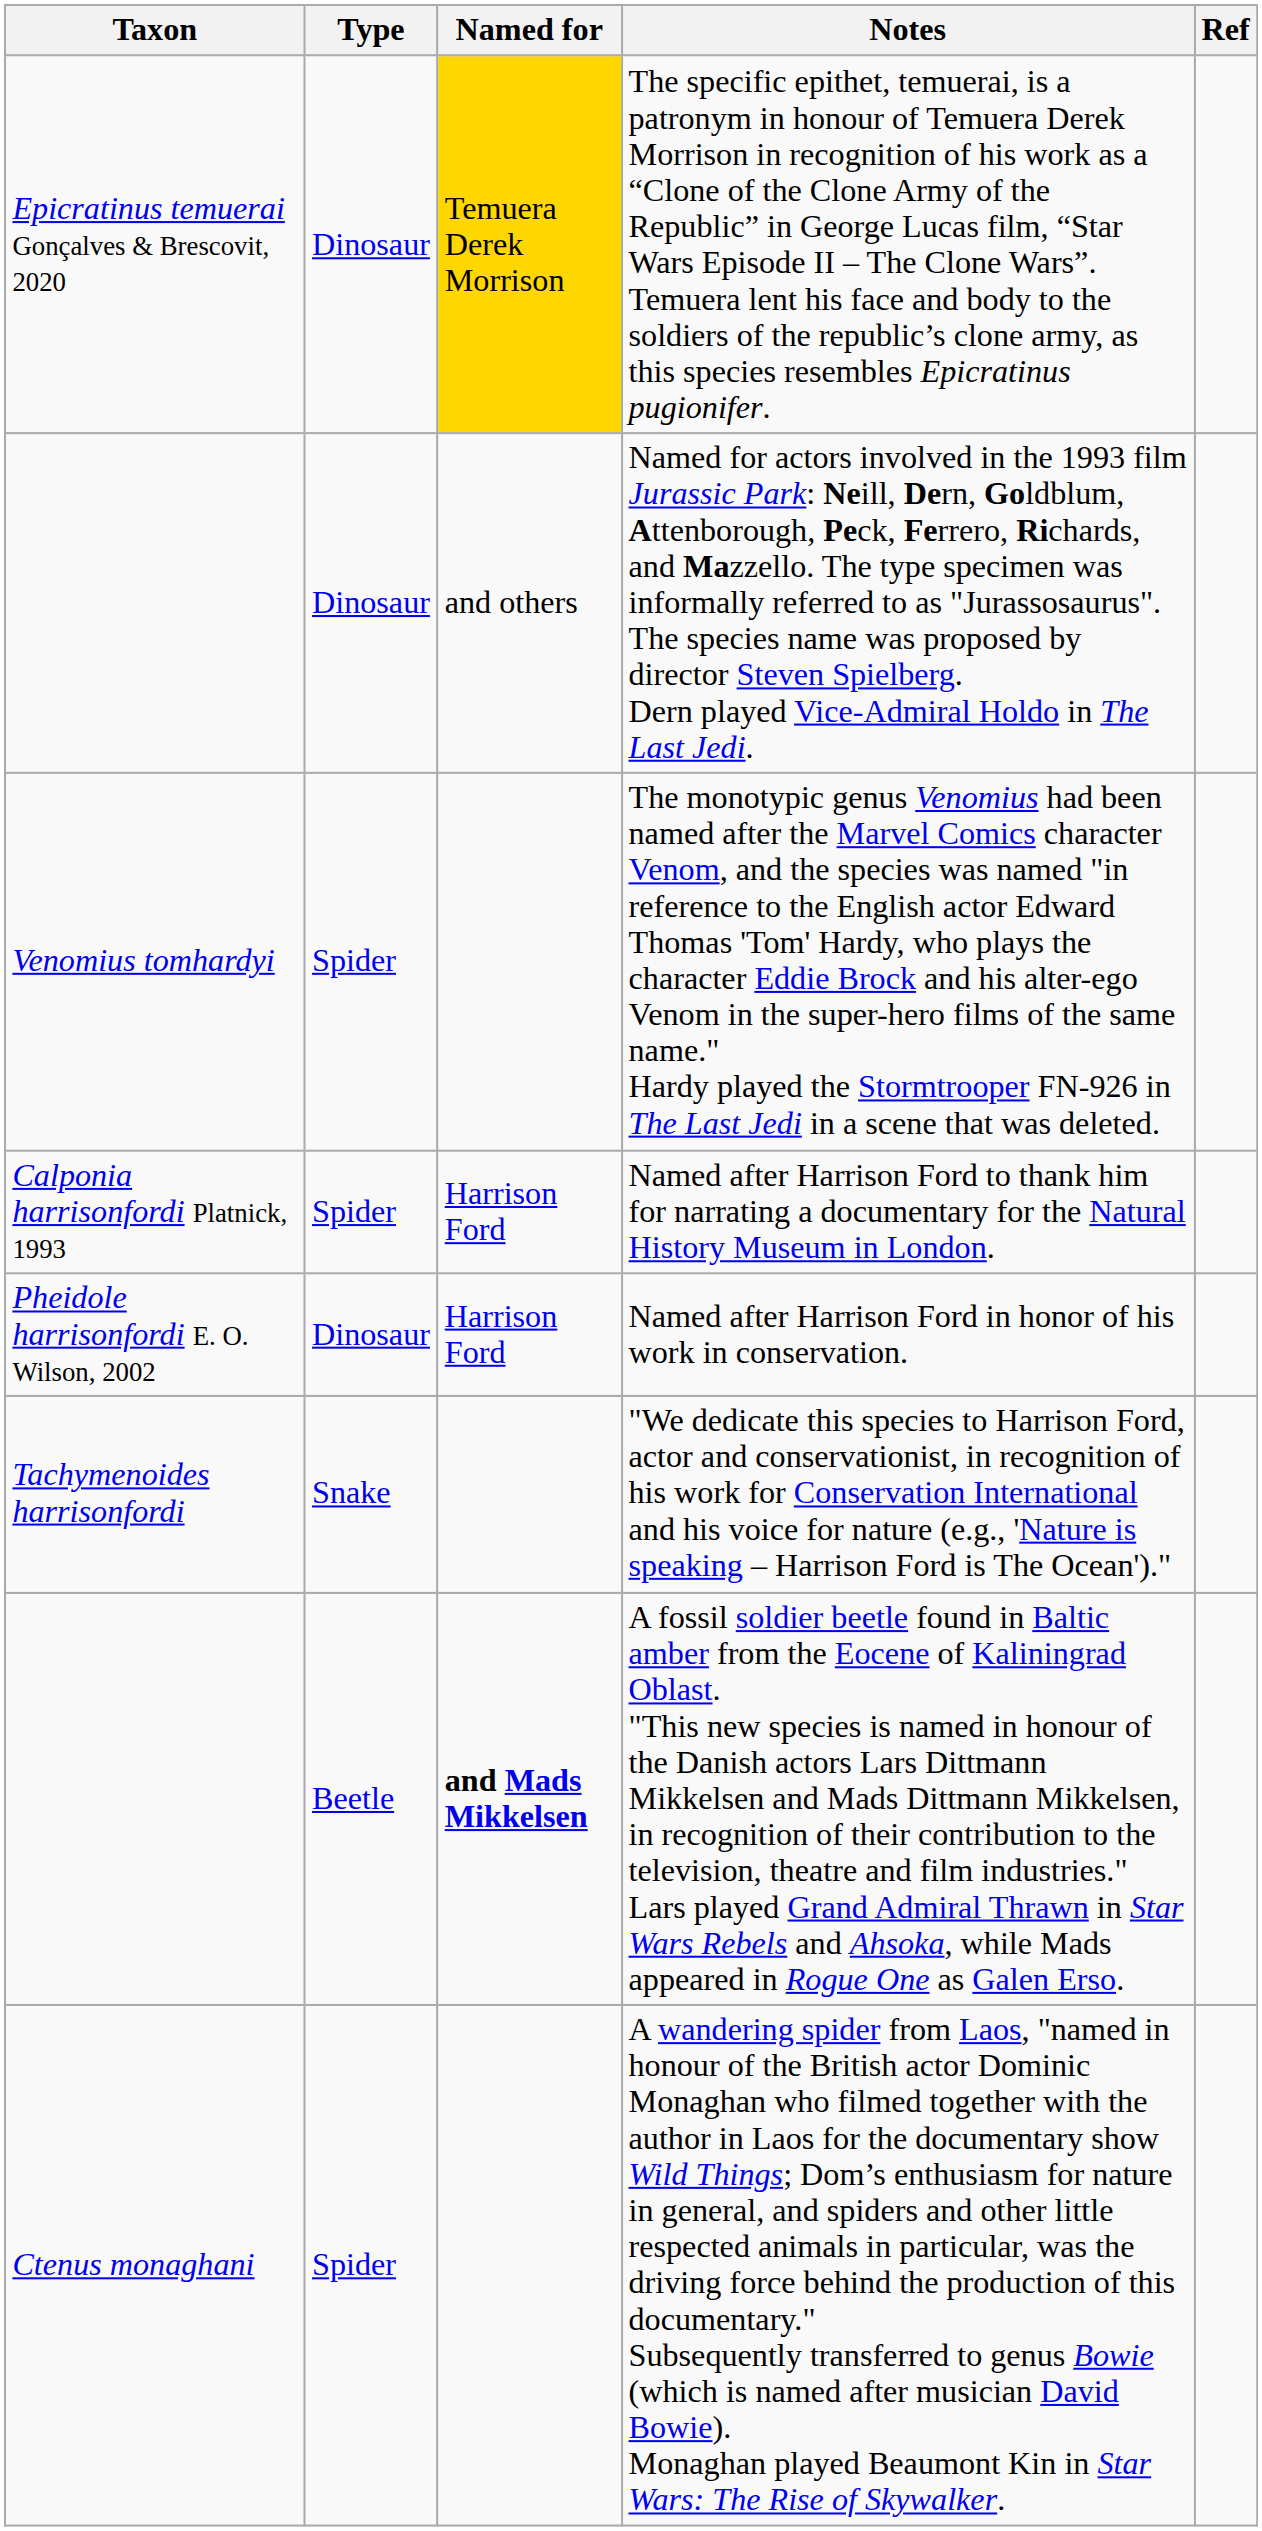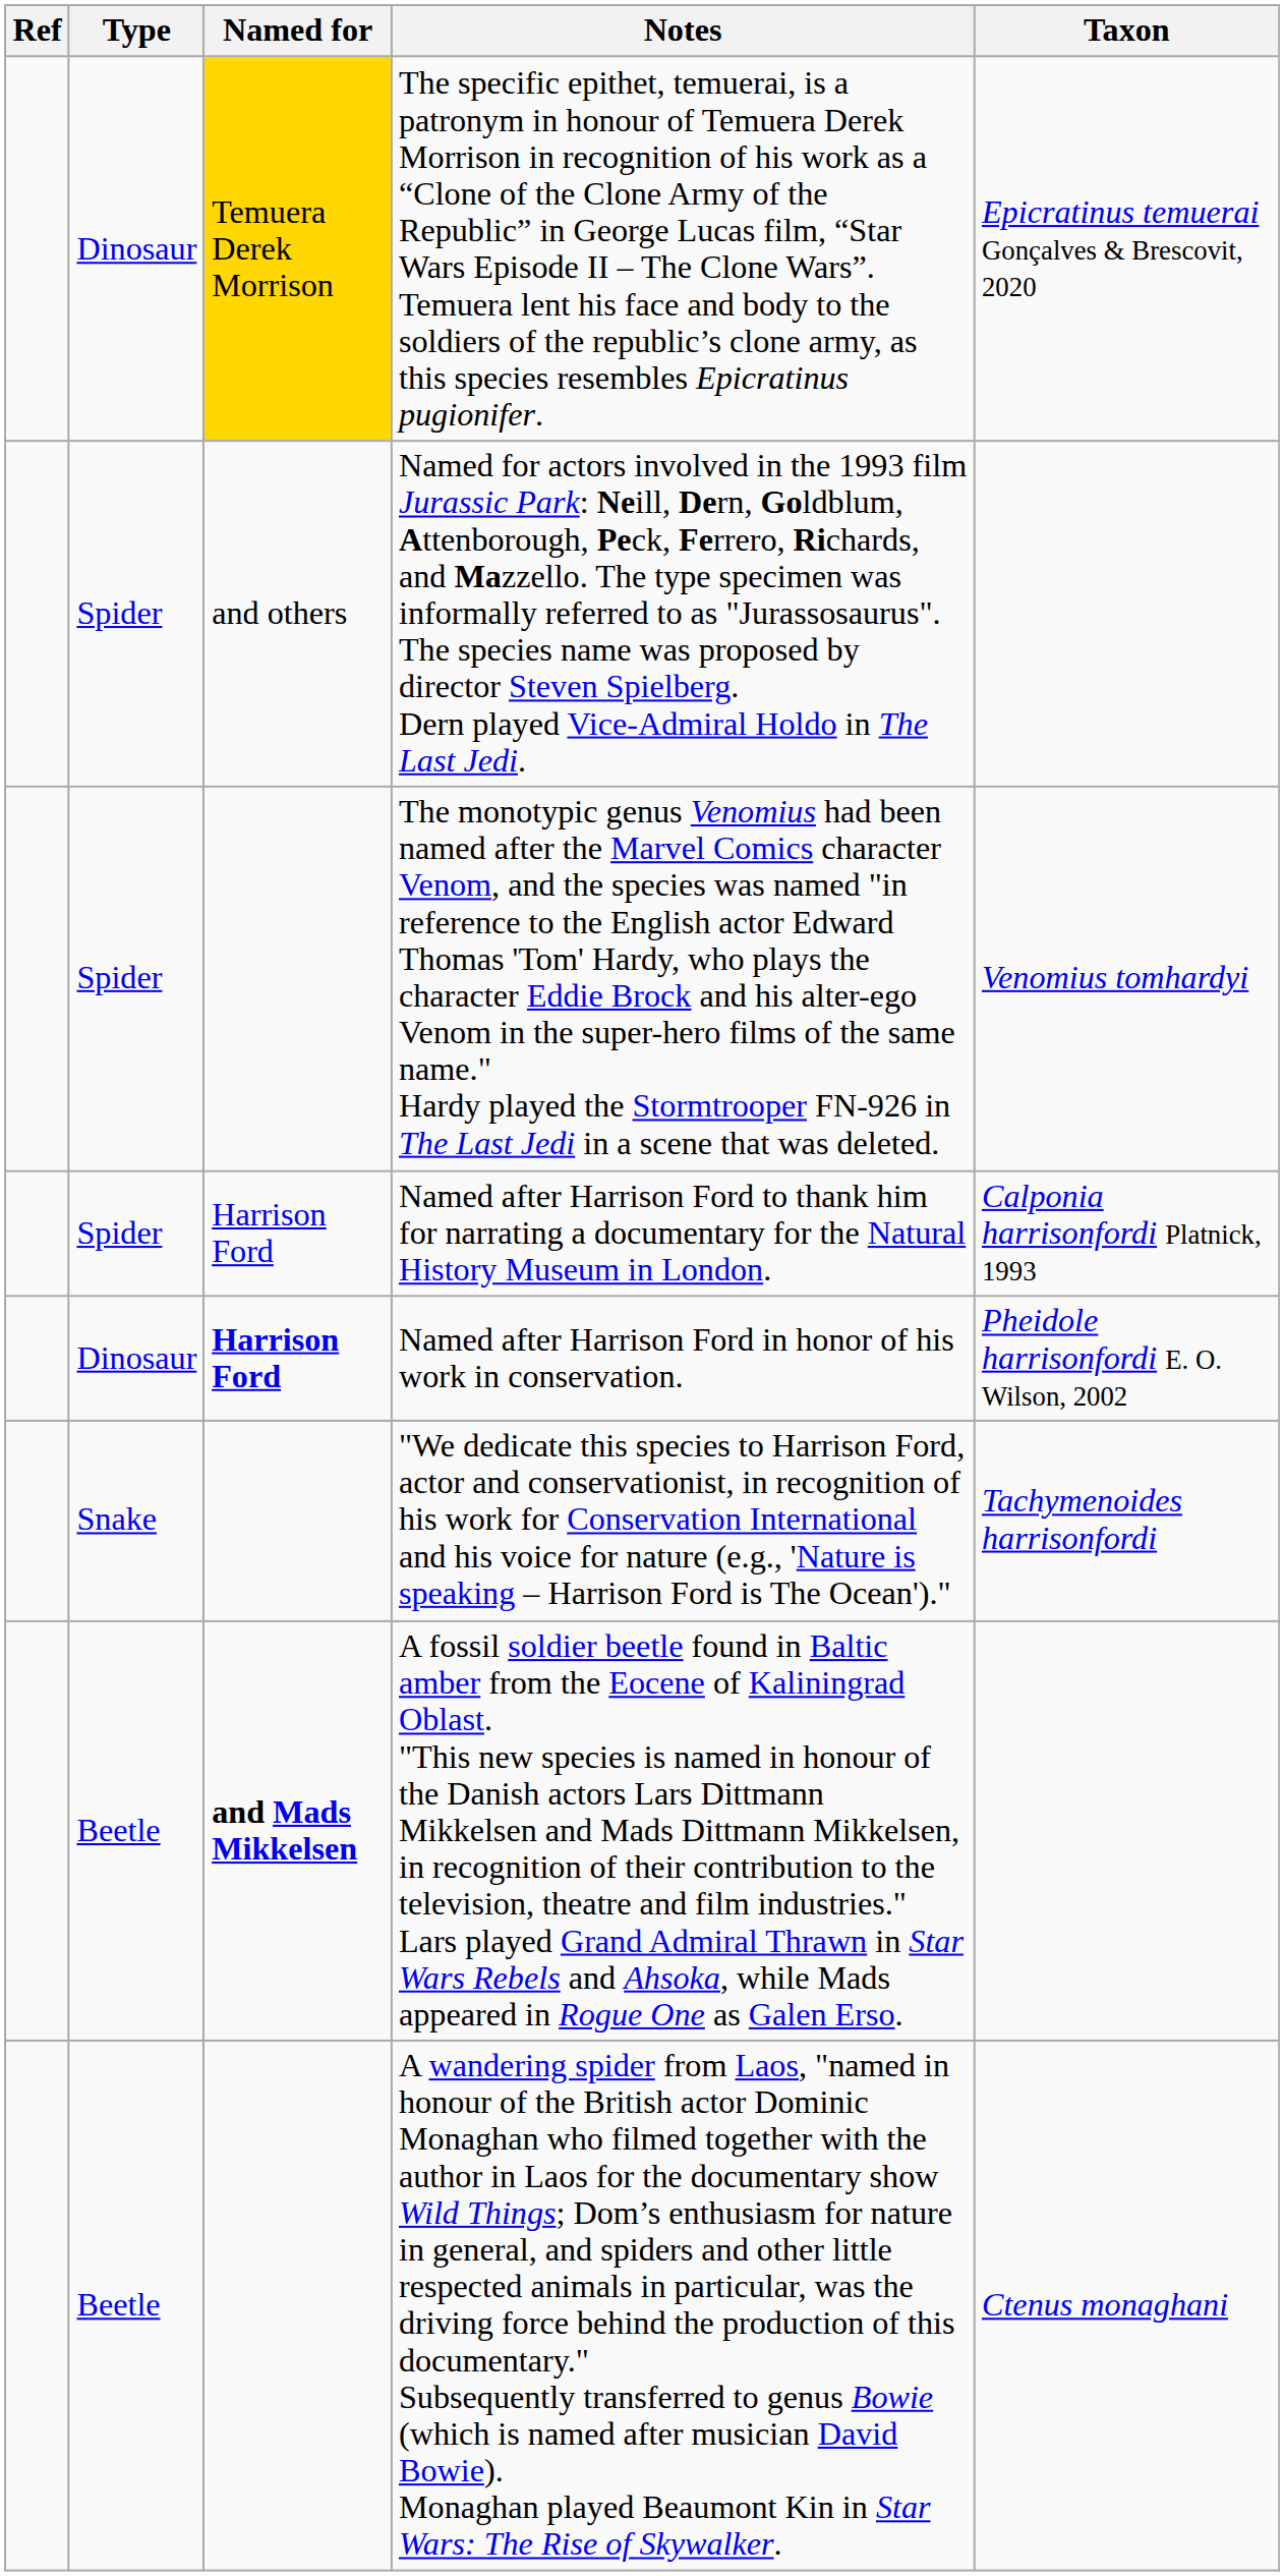 <table class="wikitable sortable" width="100%">
 <tr>
-<th style="width:25%;">Taxon</th>
+<th class="unsortable">Ref</th>
 <th style="width:10%;">Type</th>
 <th style="width:15%;">Named for</th>
 <th style="width:50%;">Notes</th>
-<th class="unsortable">Ref</th>
+<th style="width:25%;">Taxon</th>
 </tr>
 <tr>
-<td><em><a href='#'>Epicratinus temuerai</a></em> <small>Gonçalves & Brescovit, 2020</small></td>
+<td style="text-align: center;"></td>
 <td><a href='#'>Dinosaur</a></td>
 <td style="background: gold;">Temuera Derek Morrison</td>
 <td>The specific epithet, temuerai, is a patronym in honour of Temuera Derek Morrison in recognition of his work as a “Clone of the Clone Army of the Republic” in George Lucas film, “Star Wars Episode II – The Clone Wars”. Temuera lent his face and body to the soldiers of the republic’s clone army, as this species resembles <em>Epicratinus pugionifer</em>.</td>
-<td style="text-align: center;"></td>
+<td><em><a href='#'>Epicratinus temuerai</a></em> <small>Gonçalves & Brescovit, 2020</small></td>
 </tr>
 <tr>
-<td> </td>
-<td><a href='#'>Dinosaur</a></td>
+<td style="text-align: center;"></td>
+<td><a href='#'>Spider</a></td>
 <td> and others</td>
 <td>Named for actors involved in the 1993 film <em><a href='#'>Jurassic Park</a></em>: <strong>Ne</strong>ill, <strong>De</strong>rn, <strong>Go</strong>ldblum, <strong>A</strong>ttenborough, <strong>Pe</strong>ck, <strong>Fe</strong>rrero, <strong>Ri</strong>chards, and <strong>Ma</strong>zzello. The type specimen was informally referred to as "Jurassosaurus".  The species name was proposed by director <a href='#'>Steven Spielberg</a>.<br>Dern played <a href='#'>Vice-Admiral Holdo</a> in <em><a href='#'>The Last Jedi</a></em>.</td>
-<td style="text-align: center;"></td>
+<td> </td>
 </tr>
 <tr>
-<td><em><a href='#'>Venomius tomhardyi</a></em> </td>
+<td style="text-align: center;"></td>
 <td><a href='#'>Spider</a></td>
 <td></td>
 <td>The monotypic genus <em><a href='#'>Venomius</a></em> had been named after the <a href='#'>Marvel Comics</a> character <a href='#'>Venom</a>, and the species was named "in reference to the English actor Edward Thomas 'Tom' Hardy, who plays the character <a href='#'>Eddie Brock</a> and his alter-ego Venom in the super-hero films of the same name."<br>Hardy played the <a href='#'>Stormtrooper</a> FN-926 in <em><a href='#'>The Last Jedi</a></em> in a scene that was deleted.</td>
-<td style="text-align: center;"></td>
+<td><em><a href='#'>Venomius tomhardyi</a></em> </td>
 </tr>
 <tr>
-<td><em><a href='#'>Calponia harrisonfordi</a></em> <small>Platnick, 1993</small></td>
+<td style="text-align: center;"></td>
 <td><a href='#'>Spider</a></td>
 <td><a href='#'>Harrison Ford</a></td>
 <td>Named after Harrison Ford to thank him for narrating a documentary for the <a href='#'>Natural History Museum in London</a>.</td>
-<td style="text-align: center;"></td>
+<td><em><a href='#'>Calponia harrisonfordi</a></em> <small>Platnick, 1993</small></td>
 </tr>
 <tr>
+<td style="text-align: center;"></td>
+<td><a href='#'>Dinosaur</a></td>
+<td><strong><a href='#'>Harrison Ford</a></strong></td>
+<td>Named after Harrison Ford in honor of his work in conservation.</td>
 <td><em><a href='#'>Pheidole harrisonfordi</a></em> <small>E. O. Wilson, 2002</small></td>
-<td><a href='#'>Dinosaur</a></td>
-<td><a href='#'>Harrison Ford</a></td>
-<td>Named after Harrison Ford in honor of his work in conservation.</td>
-<td style="text-align: center;"></td>
 </tr>
 <tr>
-<td><em><a href='#'>Tachymenoides harrisonfordi</a></em> </td>
+<td style="text-align: center;"></td>
 <td><a href='#'>Snake</a></td>
 <td></td>
 <td>"We dedicate this species to Harrison Ford, actor and conservationist, in recognition of his work for <a href='#'>Conservation International</a> and his voice for nature (e.g., '<a href='#'>Nature is speaking</a> – Harrison Ford is The Ocean')."</td>
-<td style="text-align: center;"></td>
+<td><em><a href='#'>Tachymenoides harrisonfordi</a></em> </td>
 </tr>
 <tr>
-<td> </td>
+<td style="text-align: center;"></td>
 <td><a href='#'>Beetle</a></td>
 <td><strong> and <a href='#'>Mads Mikkelsen</a></strong></td>
 <td>A fossil <a href='#'>soldier beetle</a> found in <a href='#'>Baltic amber</a> from the <a href='#'>Eocene</a> of <a href='#'>Kaliningrad Oblast</a>.<br>"This new species is named in honour of the Danish actors Lars Dittmann Mikkelsen and Mads Dittmann Mikkelsen, in recognition of their contribution to the television, theatre and film industries." Lars played <a href='#'>Grand Admiral Thrawn</a> in <em><a href='#'>Star Wars Rebels</a></em> and <em><a href='#'>Ahsoka</a></em>, while Mads appeared in <em><a href='#'>Rogue One</a></em> as <a href='#'>Galen Erso</a>.</td>
-<td style="text-align: center;"></td>
+<td> </td>
 </tr>
 <tr>
-<td><em><a href='#'>Ctenus monaghani</a></em> </td>
-<td><a href='#'>Spider</a></td>
+<td style="text-align: center;"><br></td>
+<td><a href='#'>Beetle</a></td>
 <td></td>
 <td>A <a href='#'>wandering spider</a> from <a href='#'>Laos</a>, "named in honour of the British actor Dominic Monaghan who filmed together with the author in Laos for the documentary show <em><a href='#'>Wild Things</a></em>; Dom’s enthusiasm for nature in general, and spiders and other little respected animals in particular, was the driving force behind the production of this documentary."<br>Subsequently transferred to genus <em><a href='#'>Bowie</a></em> (which is named after musician <a href='#'>David Bowie</a>).<br>Monaghan played Beaumont Kin in <em><a href='#'>Star Wars: The Rise of Skywalker</a></em>.</td>
-<td style="text-align: center;"><br></td>
+<td><em><a href='#'>Ctenus monaghani</a></em> </td>
 </tr>
 </table>
